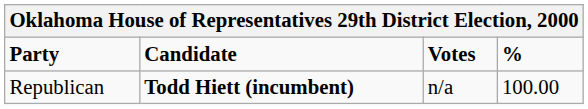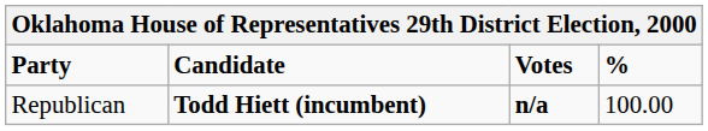 <table class="wikitable">
 <tr>
 <th colspan="4">Oklahoma House of Representatives 29th District Election, 2000</th>
 </tr>
 <tr>
 <td><strong>Party</strong></td>
 <td><strong>Candidate</strong></td>
 <td><strong>Votes</strong></td>
 <td><strong>%</strong></td>
 </tr>
 <tr>
 <td>Republican</td>
 <td><strong>Todd Hiett (incumbent)</strong></td>
-<td>n/a</td>
+<td><strong>n/a</strong></td>
 <td>100.00</td>
 </tr>
 </table>
